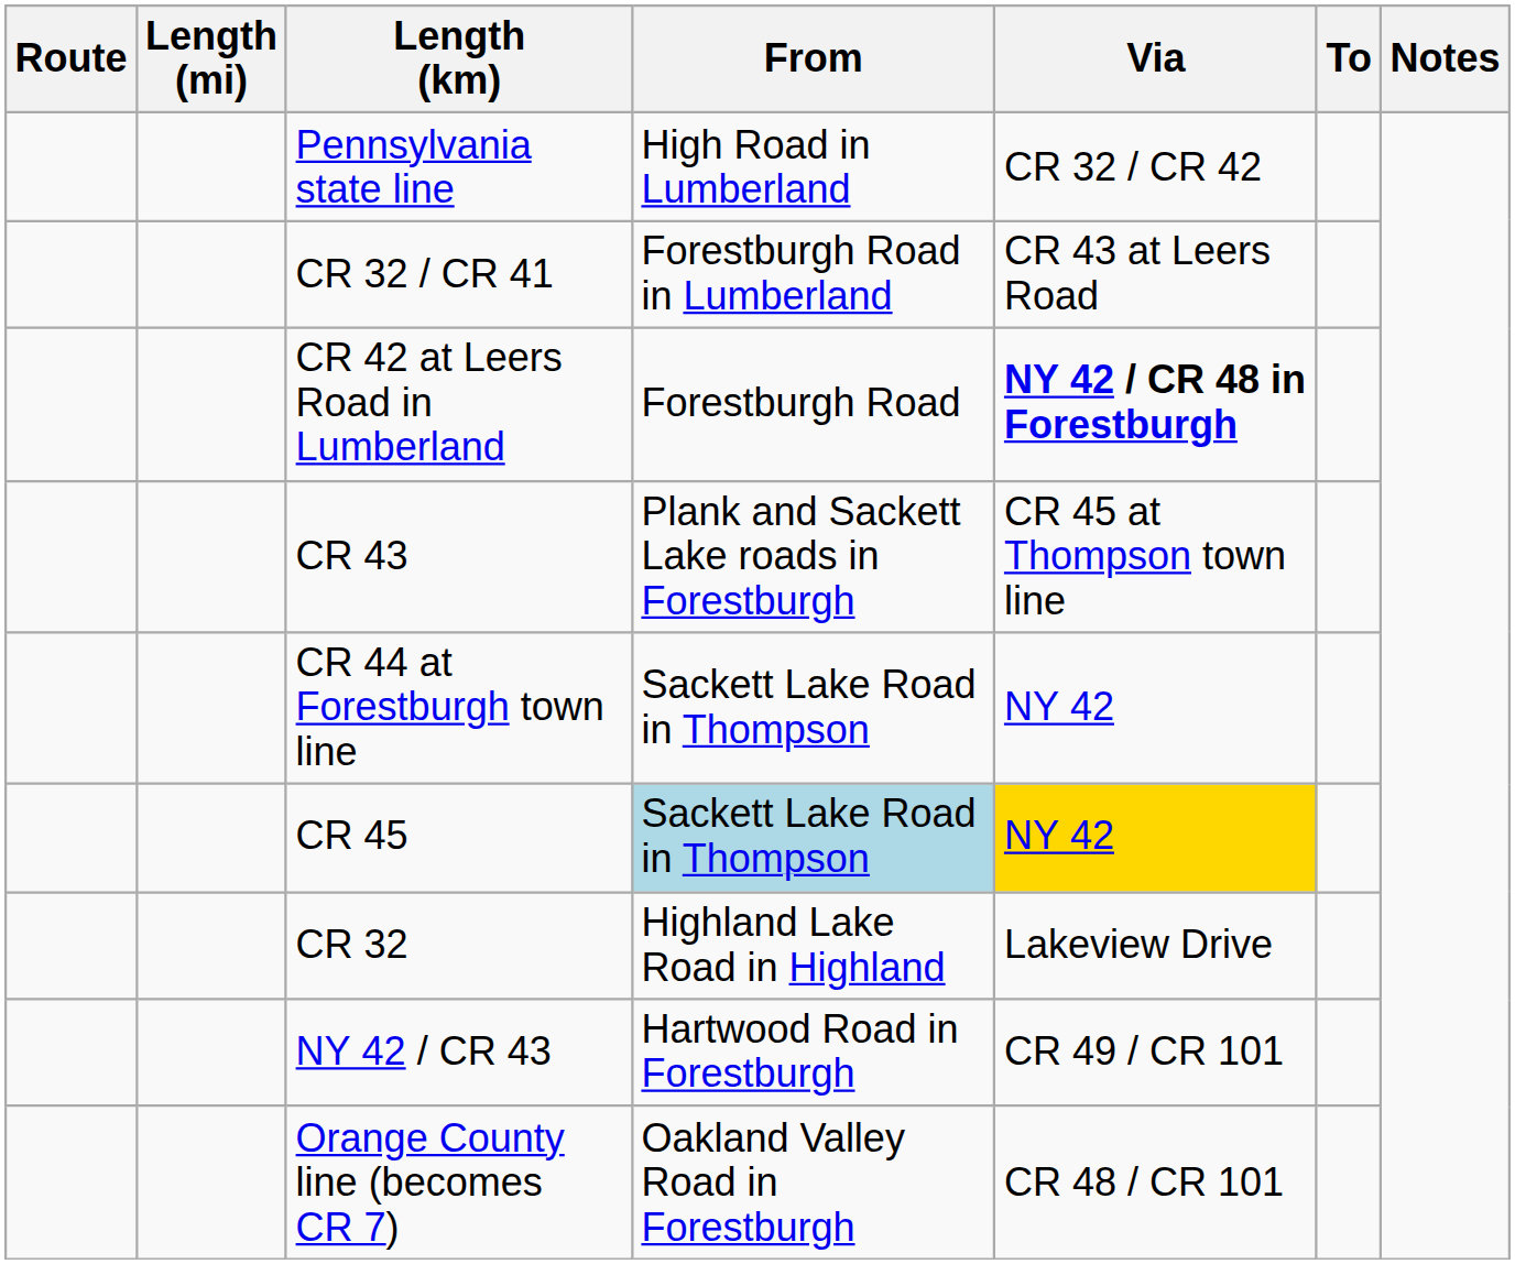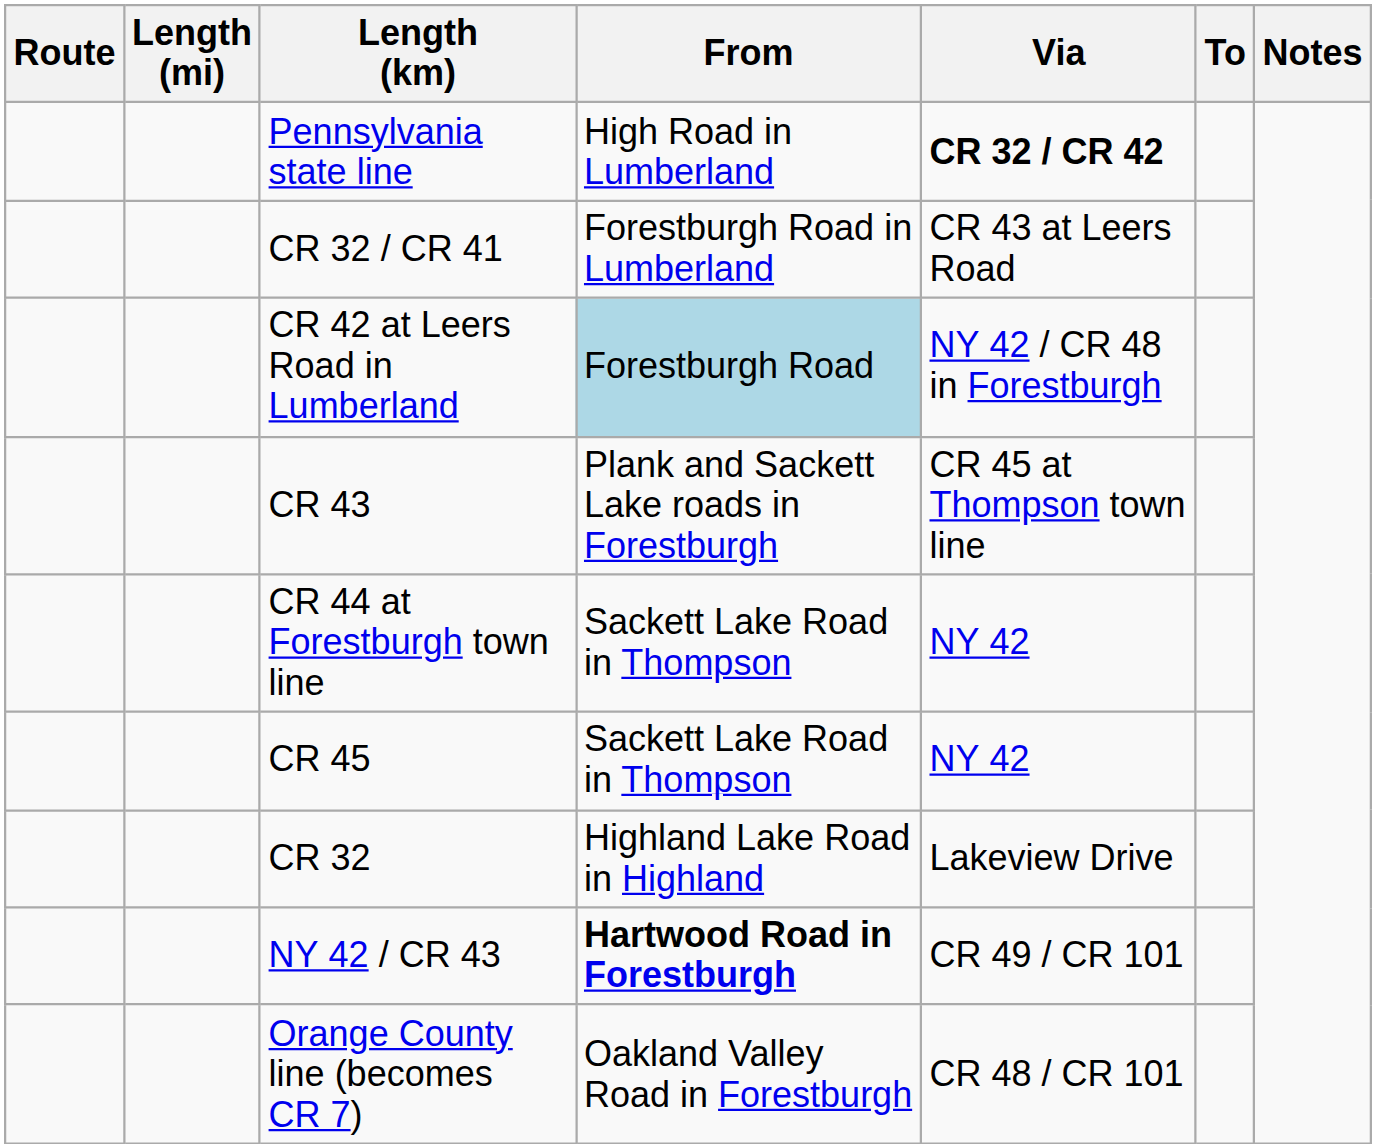 <table class="wikitable sortable">
 <tr>
 <th>Route</th>
 <th>Length<br>(mi)</th>
 <th>Length<br>(km)</th>
 <th class="unsortable">From</th>
 <th class="unsortable">Via</th>
 <th class="unsortable">To</th>
 <th class="unsortable">Notes</th>
 </tr>
 <tr>
 <td id="41"></td>
 <td></td>
 <td><a href='#'>Pennsylvania state line</a></td>
 <td>High Road in <a href='#'>Lumberland</a></td>
-<td>CR 32 / CR 42</td>
+<td><strong>CR 32 / CR 42</strong></td>
 <td></td>
 </tr>
 <tr>
 <td id="42"></td>
 <td></td>
 <td>CR 32 / CR 41</td>
 <td>Forestburgh Road in <a href='#'>Lumberland</a></td>
 <td>CR 43 at Leers Road</td>
 <td></td>
 </tr>
 <tr>
 <td id="43"></td>
 <td></td>
 <td>CR 42 at Leers Road in <a href='#'>Lumberland</a></td>
-<td>Forestburgh Road</td>
-<td><strong><a href='#'>NY&nbsp;42</a> / CR 48 in <a href='#'>Forestburgh</a></strong></td>
+<td style="background: lightblue;">Forestburgh Road</td>
+<td><a href='#'>NY&nbsp;42</a> / CR 48 in <a href='#'>Forestburgh</a></td>
 <td></td>
 </tr>
 <tr>
 <td id="44"></td>
 <td></td>
 <td>CR 43</td>
 <td>Plank and Sackett Lake roads in <a href='#'>Forestburgh</a></td>
 <td>CR 45 at <a href='#'>Thompson</a> town line</td>
 <td></td>
 </tr>
 <tr>
 <td id="45"></td>
 <td></td>
 <td>CR 44 at <a href='#'>Forestburgh</a> town line</td>
 <td>Sackett Lake Road in <a href='#'>Thompson</a></td>
 <td><a href='#'>NY&nbsp;42</a></td>
 <td></td>
 </tr>
 <tr>
 <td id="45A"></td>
 <td></td>
 <td>CR 45</td>
-<td style="background: lightblue;">Sackett Lake Road in <a href='#'>Thompson</a></td>
-<td style="background: gold;"><a href='#'>NY&nbsp;42</a></td>
+<td>Sackett Lake Road in <a href='#'>Thompson</a></td>
+<td><a href='#'>NY&nbsp;42</a></td>
 <td></td>
 </tr>
 <tr>
 <td id="47"></td>
 <td></td>
 <td>CR 32</td>
 <td>Highland Lake Road in <a href='#'>Highland</a></td>
 <td>Lakeview Drive</td>
 <td></td>
 </tr>
 <tr>
 <td id="48"></td>
 <td></td>
 <td><a href='#'>NY&nbsp;42</a> / CR 43</td>
-<td>Hartwood Road in <a href='#'>Forestburgh</a></td>
+<td><strong>Hartwood Road in <a href='#'>Forestburgh</a></strong></td>
 <td>CR 49 / CR 101</td>
 <td></td>
 </tr>
 <tr>
 <td id="49"></td>
 <td></td>
 <td><a href='#'>Orange County</a> line (becomes <a href='#'>CR 7</a>)</td>
 <td>Oakland Valley Road in <a href='#'>Forestburgh</a></td>
 <td>CR 48 / CR 101</td>
 <td></td>
 </tr>
 </table>
